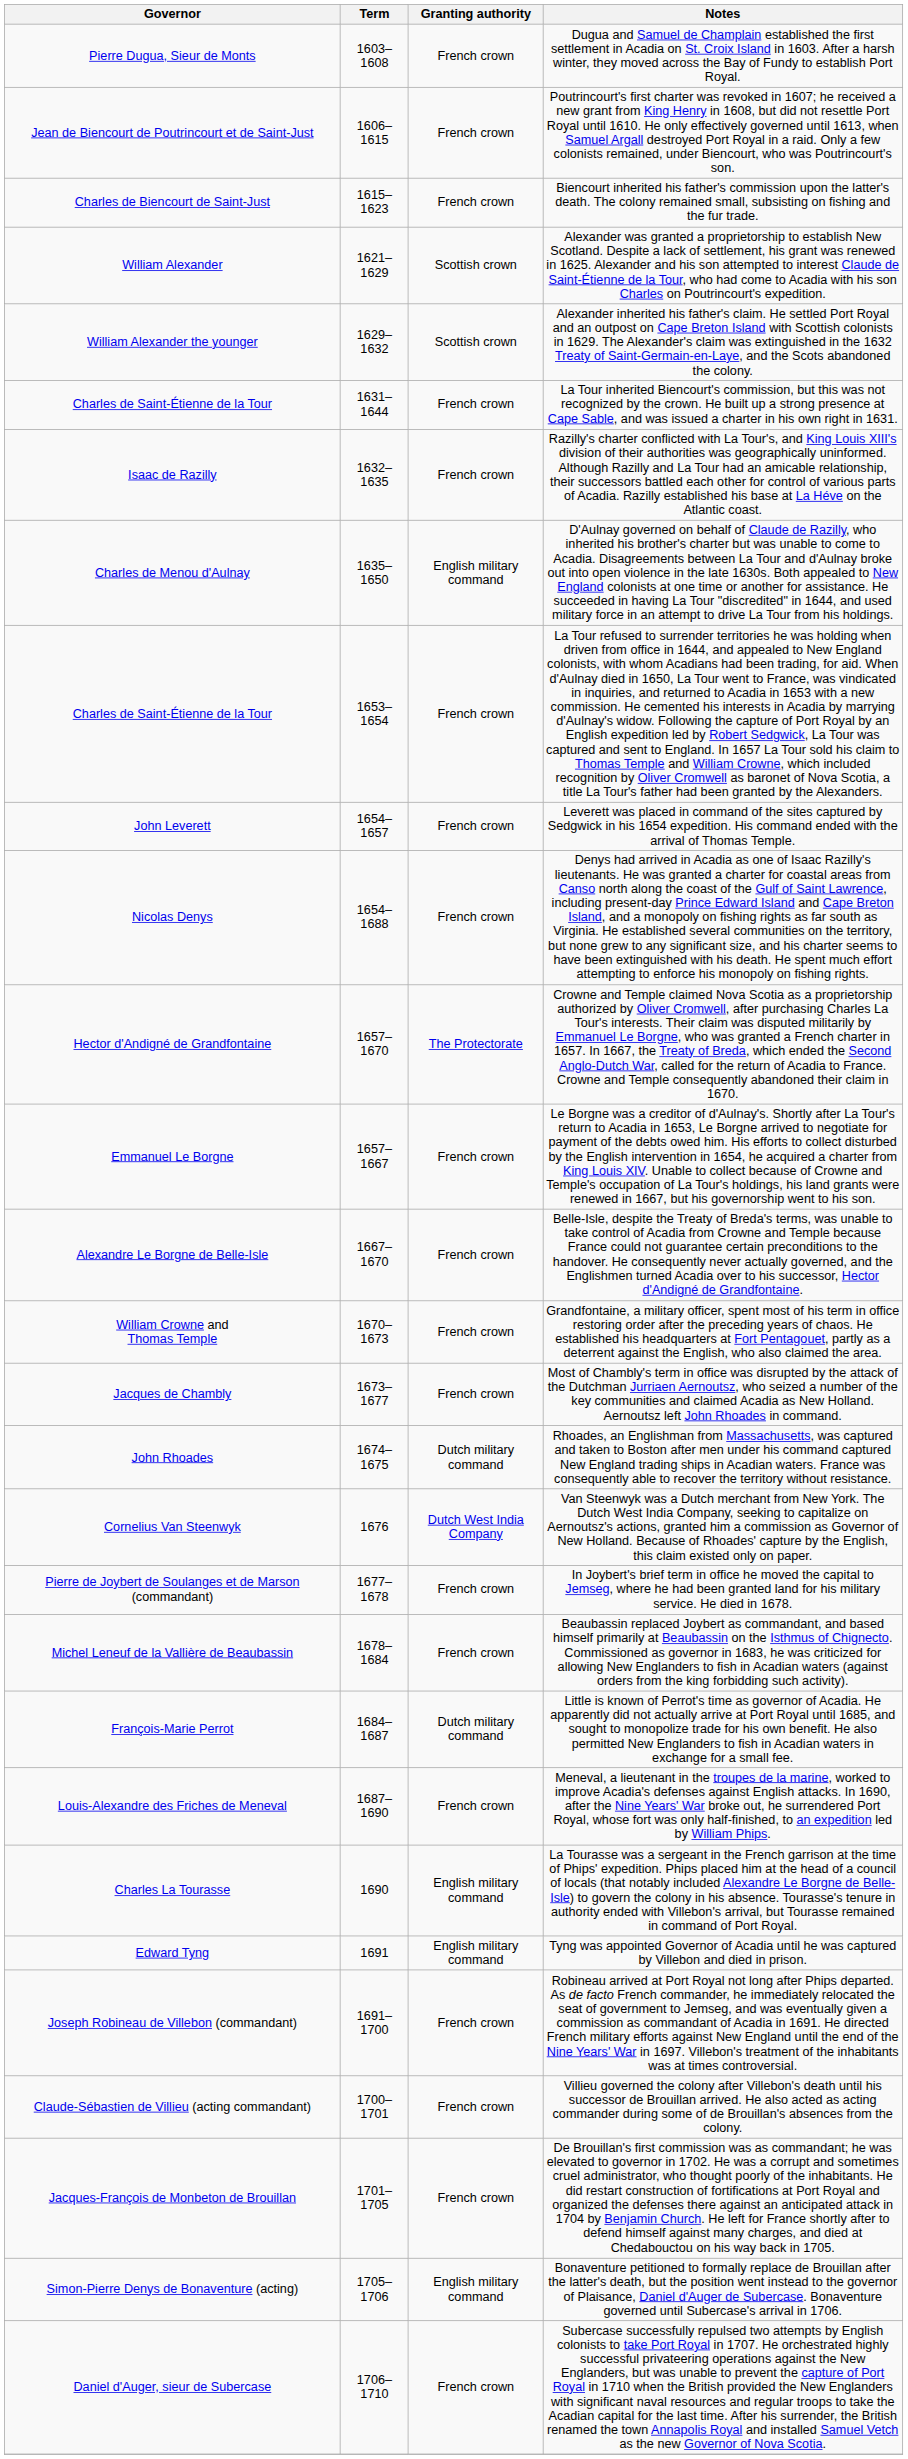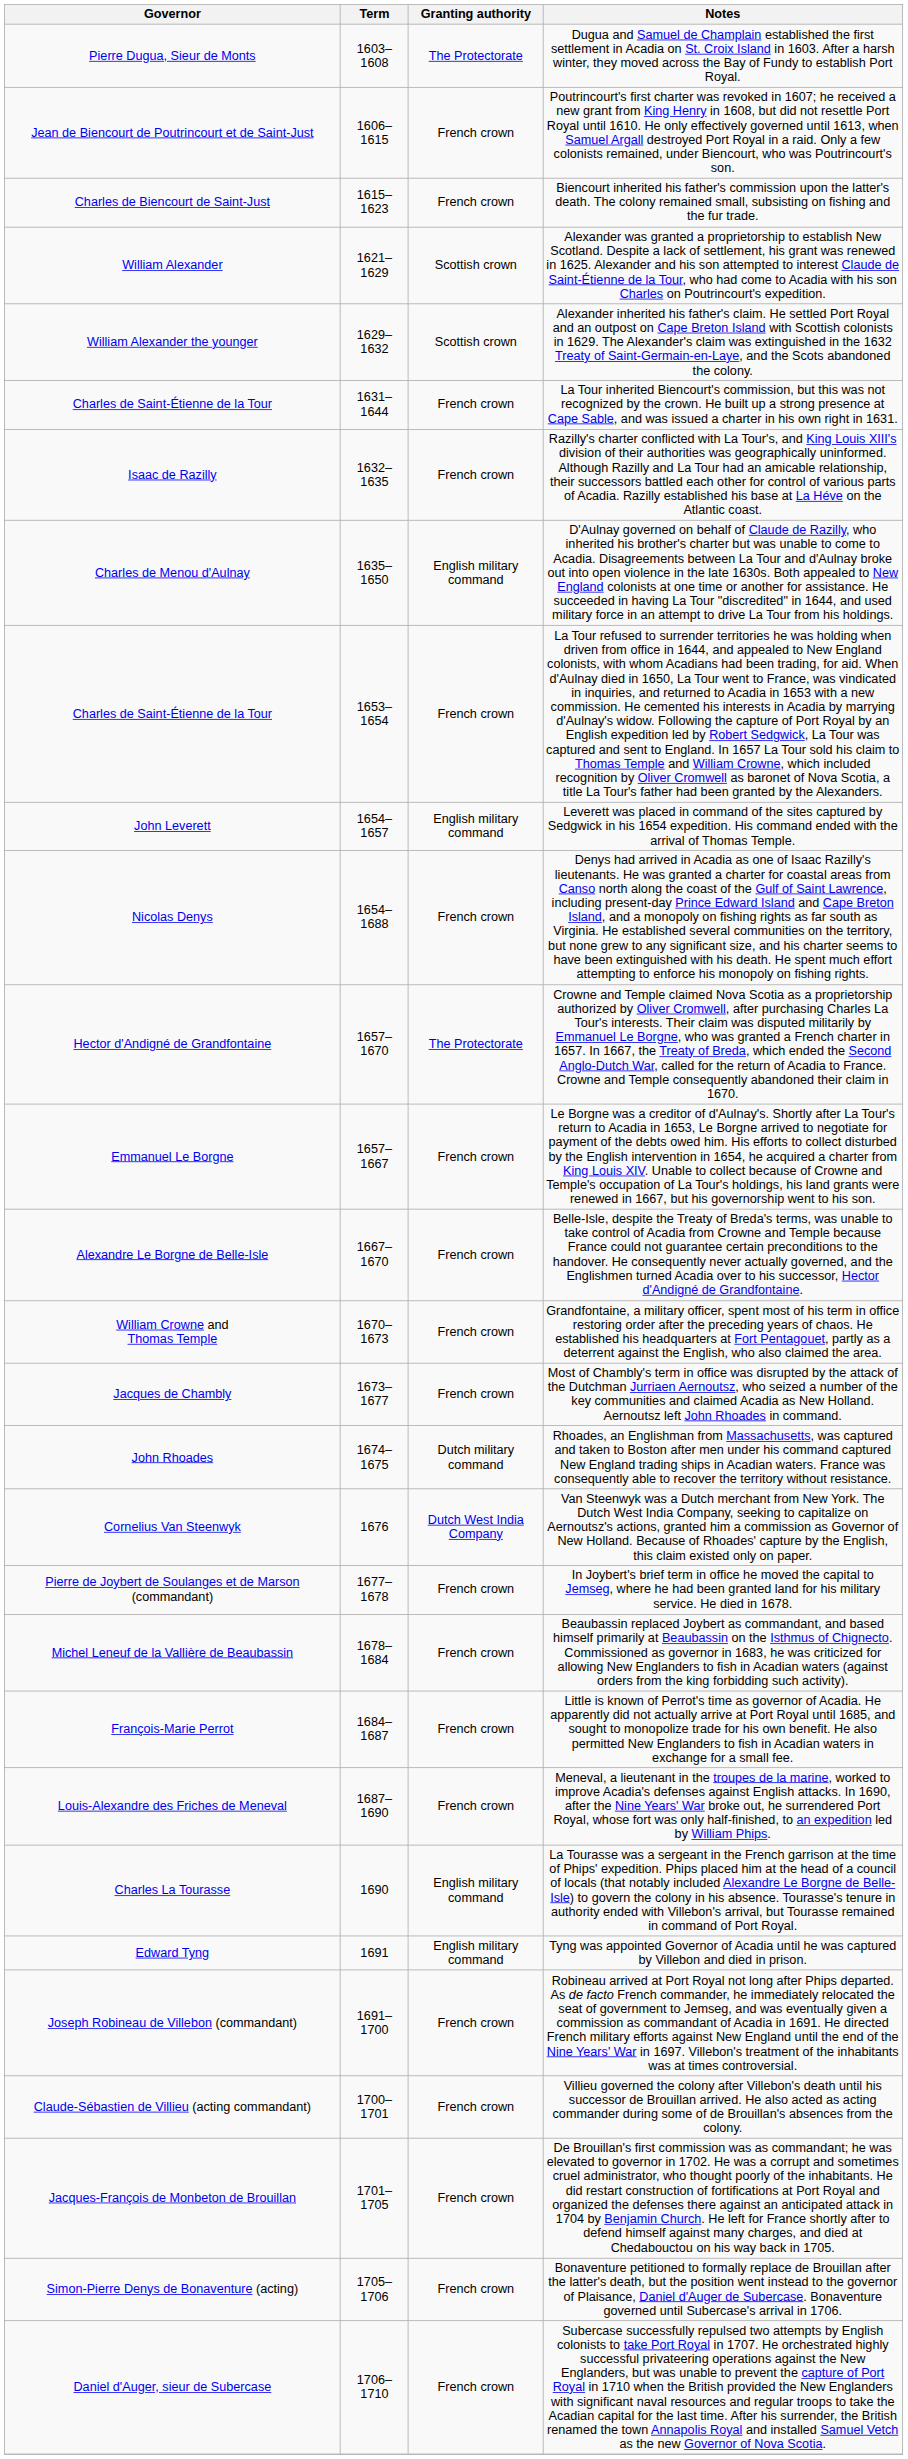 <table class=wikitable style="text-align:center" width=90%>
 <tr>
 <th>Governor</th>
 <th>Term</th>
 <th width=15%>Granting authority</th>
 <th width=40%>Notes</th>
 </tr>
 <tr>
 <td><a href='#'>Pierre Dugua, Sieur de Monts</a></td>
 <td>1603–1608</td>
-<td>French crown</td>
+<td><a href='#'>The Protectorate</a></td>
 <td>Dugua and <a href='#'>Samuel de Champlain</a> established the first settlement in Acadia on <a href='#'>St. Croix Island</a> in 1603.  After a harsh winter, they moved across the Bay of Fundy to establish Port Royal.</td>
 </tr>
 <tr>
 <td><a href='#'>Jean de Biencourt de Poutrincourt et de Saint-Just</a></td>
 <td>1606–1615</td>
 <td>French crown</td>
 <td>Poutrincourt's first charter was revoked in 1607; he received a new grant from <a href='#'>King Henry</a> in 1608, but did not resettle Port Royal until 1610.  He only effectively governed until 1613, when <a href='#'>Samuel Argall</a> destroyed Port Royal in a raid.  Only a few colonists remained, under Biencourt, who was Poutrincourt's son.</td>
 </tr>
 <tr>
 <td><a href='#'>Charles de Biencourt de Saint-Just</a></td>
 <td>1615–1623</td>
 <td>French crown</td>
 <td>Biencourt inherited his father's commission upon the latter's death.  The colony remained small, subsisting on fishing and the fur trade.</td>
 </tr>
 <tr>
 <td><a href='#'>William Alexander</a></td>
 <td>1621–1629</td>
 <td>Scottish crown</td>
 <td>Alexander was granted a proprietorship to establish New Scotland.  Despite a lack of settlement, his grant was renewed in 1625.  Alexander and his son attempted to interest <a href='#'>Claude de Saint-Étienne de la Tour</a>, who had come to Acadia with his son <a href='#'>Charles</a> on Poutrincourt's expedition.</td>
 </tr>
 <tr>
 <td><a href='#'>William Alexander the younger</a></td>
 <td>1629–1632</td>
 <td>Scottish crown</td>
 <td>Alexander inherited his father's claim.  He settled Port Royal and an outpost on <a href='#'>Cape Breton Island</a> with Scottish colonists in 1629.  The Alexander's claim was extinguished in the 1632 <a href='#'>Treaty of Saint-Germain-en-Laye</a>, and the Scots abandoned the colony.</td>
 </tr>
 <tr>
 <td><a href='#'>Charles de Saint-Étienne de la Tour</a></td>
 <td>1631–1644</td>
 <td>French crown</td>
 <td>La Tour inherited Biencourt's commission, but this was not recognized by the crown. He built up a strong presence at <a href='#'>Cape Sable</a>, and was issued a charter in his own right in 1631.</td>
 </tr>
 <tr>
 <td><a href='#'>Isaac de Razilly</a></td>
 <td>1632–1635</td>
 <td>French crown</td>
 <td>Razilly's charter conflicted with La Tour's, and <a href='#'>King Louis XIII's</a> division of their authorities was geographically uninformed.  Although Razilly and La Tour had an amicable relationship, their successors battled each other for control of various parts of Acadia.  Razilly established his base at <a href='#'>La Héve</a> on the Atlantic coast.</td>
 </tr>
 <tr>
 <td><a href='#'>Charles de Menou d'Aulnay</a></td>
 <td>1635–1650</td>
 <td>English military command</td>
 <td>D'Aulnay governed on behalf of <a href='#'>Claude de Razilly</a>, who inherited his brother's charter but was unable to come to Acadia.  Disagreements between La Tour and d'Aulnay broke out into open violence in the late 1630s.  Both appealed to <a href='#'>New England</a> colonists at one time or another for assistance.  He succeeded in having La Tour "discredited" in 1644, and used military force in an attempt to drive La Tour from his holdings.</td>
 </tr>
 <tr>
 <td><a href='#'>Charles de Saint-Étienne de la Tour</a></td>
 <td>1653–1654</td>
 <td>French crown</td>
 <td>La Tour refused to surrender territories he was holding when driven from office in 1644, and appealed to New England colonists, with whom Acadians had been trading, for aid.  When d'Aulnay died in 1650, La Tour went to France, was vindicated in inquiries, and returned to Acadia in 1653 with a new commission.  He cemented his interests in Acadia by marrying d'Aulnay's widow.  Following the capture of Port Royal by an English expedition led by <a href='#'>Robert Sedgwick</a>, La Tour was captured and sent to England.  In 1657 La Tour sold his claim to <a href='#'>Thomas Temple</a> and <a href='#'>William Crowne</a>, which included recognition by <a href='#'>Oliver Cromwell</a> as baronet of Nova Scotia, a title La Tour's father had been granted by the Alexanders.</td>
 </tr>
 <tr>
 <td><a href='#'>John Leverett</a></td>
 <td>1654–1657</td>
-<td>French crown</td>
+<td>English military command</td>
 <td>Leverett was placed in command of the sites captured by Sedgwick in his 1654 expedition.  His command ended with the arrival of Thomas Temple.</td>
 </tr>
 <tr>
 <td><a href='#'>Nicolas Denys</a></td>
 <td>1654–1688</td>
 <td>French crown</td>
 <td>Denys had arrived in Acadia as one of Isaac Razilly's lieutenants.  He was granted a charter for coastal areas from <a href='#'>Canso</a> north along the coast of the <a href='#'>Gulf of Saint Lawrence</a>, including present-day <a href='#'>Prince Edward Island</a> and <a href='#'>Cape Breton Island</a>, and a monopoly on fishing rights as far south as Virginia.  He established several communities on the territory, but none grew to any significant size, and his charter seems to have been extinguished with his death.  He spent much effort attempting to enforce his monopoly on fishing rights.</td>
 </tr>
 <tr>
 <td><a href='#'>Hector d'Andigné de Grandfontaine</a></td>
 <td>1657–1670</td>
 <td><a href='#'>The Protectorate</a></td>
 <td>Crowne and Temple claimed Nova Scotia as a proprietorship authorized by <a href='#'>Oliver Cromwell</a>, after purchasing Charles La Tour's interests.  Their claim was disputed militarily by <a href='#'>Emmanuel Le Borgne</a>, who was granted a French charter in 1657.  In 1667, the <a href='#'>Treaty of Breda</a>, which ended the <a href='#'>Second Anglo-Dutch War</a>, called for the return of Acadia to France.  Crowne and Temple consequently abandoned their claim in 1670.</td>
 </tr>
 <tr>
 <td><a href='#'>Emmanuel Le Borgne</a></td>
 <td>1657–1667</td>
 <td>French crown</td>
 <td>Le Borgne was a creditor of d'Aulnay's.  Shortly after La Tour's return to Acadia in 1653, Le Borgne arrived to negotiate for payment of the debts owed him.  His efforts to collect disturbed by the English intervention in 1654, he acquired a charter from <a href='#'>King Louis XIV</a>.  Unable to collect because of Crowne and Temple's occupation of La Tour's holdings, his land grants were renewed in 1667, but his governorship went to his son.</td>
 </tr>
 <tr>
 <td><a href='#'>Alexandre Le Borgne de Belle-Isle</a></td>
 <td>1667–1670</td>
 <td>French crown</td>
 <td>Belle-Isle, despite the Treaty of Breda's terms, was unable to take control of Acadia from Crowne and Temple because France could not guarantee certain preconditions to the handover.  He consequently never actually governed, and the Englishmen turned Acadia over to his successor, <a href='#'>Hector d'Andigné de Grandfontaine</a>.</td>
 </tr>
 <tr>
 <td><a href='#'>William Crowne</a> and<br><a href='#'>Thomas Temple</a></td>
 <td>1670–1673</td>
 <td>French crown</td>
 <td>Grandfontaine, a military officer, spent most of his term in office restoring order after the preceding years of chaos.  He established his headquarters at <a href='#'>Fort Pentagouet</a>, partly as a deterrent against the English, who also claimed the area.</td>
 </tr>
 <tr>
 <td><a href='#'>Jacques de Chambly</a></td>
 <td>1673–1677</td>
 <td>French crown</td>
 <td>Most of Chambly's term in office was disrupted by the attack of the Dutchman <a href='#'>Jurriaen Aernoutsz</a>, who seized a number of the key communities and claimed Acadia as New Holland.  Aernoutsz left <a href='#'>John Rhoades</a> in command.</td>
 </tr>
 <tr>
 <td><a href='#'>John Rhoades</a></td>
 <td>1674–1675</td>
 <td>Dutch military command</td>
 <td>Rhoades, an Englishman from <a href='#'>Massachusetts</a>, was captured and taken to Boston after men under his command captured New England trading ships in Acadian waters.  France was consequently able to recover the territory without resistance.</td>
 </tr>
 <tr>
 <td><a href='#'>Cornelius Van Steenwyk</a></td>
 <td>1676</td>
 <td><a href='#'>Dutch West India Company</a></td>
 <td>Van Steenwyk was a Dutch merchant from New York.  The Dutch West India Company, seeking to capitalize on Aernoutsz's actions, granted him a commission as Governor of New Holland.  Because of Rhoades' capture by the English, this claim existed only on paper.</td>
 </tr>
 <tr>
 <td><a href='#'>Pierre de Joybert de Soulanges et de Marson</a> (commandant)</td>
 <td>1677–1678</td>
 <td>French crown</td>
 <td>In Joybert's brief term in office he moved the capital to <a href='#'>Jemseg</a>, where he had been granted land for his military service.  He died in 1678.</td>
 </tr>
 <tr>
 <td><a href='#'>Michel Leneuf de la Vallière de Beaubassin</a></td>
 <td>1678–1684</td>
 <td>French crown</td>
 <td>Beaubassin replaced Joybert as commandant, and based himself primarily at <a href='#'>Beaubassin</a> on the <a href='#'>Isthmus of Chignecto</a>.  Commissioned as governor in 1683, he was criticized for allowing New Englanders to fish in Acadian waters (against orders from the king forbidding such activity).</td>
 </tr>
 <tr>
 <td><a href='#'>François-Marie Perrot</a></td>
 <td>1684–1687</td>
-<td>Dutch military command</td>
+<td>French crown</td>
 <td>Little is known of Perrot's time as governor of Acadia.  He apparently did not actually arrive at Port Royal until 1685, and sought to monopolize trade for his own benefit.  He also permitted New Englanders to fish in Acadian waters in exchange for a small fee.</td>
 </tr>
 <tr>
 <td><a href='#'>Louis-Alexandre des Friches de Meneval</a></td>
 <td>1687–1690</td>
 <td>French crown</td>
 <td>Meneval, a lieutenant in the <a href='#'>troupes de la marine</a>, worked to improve Acadia's defenses against English attacks.  In 1690, after the <a href='#'>Nine Years' War</a> broke out, he surrendered Port Royal, whose fort was only half-finished, to <a href='#'>an expedition</a> led by <a href='#'>William Phips</a>.</td>
 </tr>
 <tr>
 <td><a href='#'>Charles La Tourasse</a></td>
 <td>1690</td>
 <td>English military command</td>
 <td>La Tourasse was a sergeant in the French garrison at the time of Phips' expedition.  Phips placed him at the head of a council of locals (that notably included <a href='#'>Alexandre Le Borgne de Belle-Isle</a>) to govern the colony in his absence.  Tourasse's tenure in authority ended with Villebon's arrival, but Tourasse remained in command of Port Royal.</td>
 </tr>
 <tr>
 <td><a href='#'>Edward Tyng</a></td>
 <td>1691</td>
 <td>English military command</td>
 <td>Tyng was appointed Governor of Acadia until he was captured by Villebon and died in prison.</td>
 </tr>
 <tr>
 <td><a href='#'>Joseph Robineau de Villebon</a> (commandant)</td>
 <td>1691–1700</td>
 <td>French crown</td>
 <td>Robineau arrived at Port Royal not long after Phips departed.  As <em>de facto</em> French commander, he immediately relocated the seat of government to Jemseg, and was eventually given a commission as commandant of Acadia in 1691.  He directed French military efforts against New England until the end of the <a href='#'>Nine Years' War</a> in 1697.  Villebon's treatment of the inhabitants was at times controversial.</td>
 </tr>
 <tr>
 <td><a href='#'>Claude-Sébastien de Villieu</a> (acting commandant)</td>
 <td>1700–1701</td>
 <td>French crown</td>
 <td>Villieu governed the colony after Villebon's death until his successor de Brouillan arrived.  He also acted as acting commander during some of de Brouillan's absences from the colony.</td>
 </tr>
 <tr>
 <td><a href='#'>Jacques-François de Monbeton de Brouillan</a></td>
 <td>1701–1705</td>
 <td>French crown</td>
 <td>De Brouillan's first commission was as commandant; he was elevated to governor in 1702.  He was a corrupt and sometimes cruel administrator, who thought poorly of the inhabitants.  He did restart construction of fortifications at Port Royal and organized the defenses there against an anticipated attack in 1704 by <a href='#'>Benjamin Church</a>.  He left for France shortly after to defend himself against many charges, and died at Chedabouctou on his way back in 1705.</td>
 </tr>
 <tr>
 <td><a href='#'>Simon-Pierre Denys de Bonaventure</a> (acting)</td>
 <td>1705–1706</td>
-<td>English military command</td>
+<td>French crown</td>
 <td>Bonaventure petitioned to formally replace de Brouillan after the latter's death, but the position went instead to the governor of Plaisance, <a href='#'>Daniel d'Auger de Subercase</a>.  Bonaventure governed until Subercase's arrival in 1706.</td>
 </tr>
 <tr>
 <td><a href='#'>Daniel d'Auger, sieur de Subercase</a></td>
 <td>1706–1710</td>
 <td>French crown</td>
 <td>Subercase successfully repulsed two attempts by English colonists to <a href='#'>take Port Royal</a> in 1707.   He orchestrated highly successful privateering operations against the New Englanders, but was unable to prevent the <a href='#'>capture of Port Royal</a> in 1710 when the British provided the New Englanders with significant naval resources and regular troops to take the Acadian capital for the last time.  After his surrender, the British renamed the town <a href='#'>Annapolis Royal</a> and installed <a href='#'>Samuel Vetch</a> as the new <a href='#'>Governor of Nova Scotia</a>.</td>
 </tr>
 <tr>
 </tr>
 </table>
